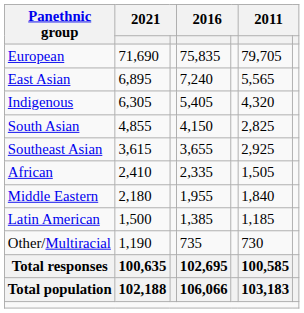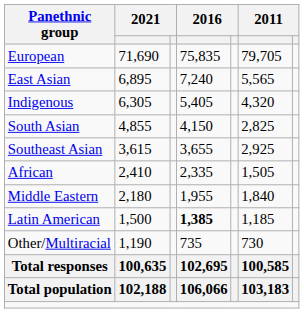 <table class="wikitable collapsible sortable">
 <tr>
 <th rowspan="2"><a href='#'>Panethnic</a><br>group</th>
 <th colspan="2">2021</th>
 <th colspan="2">2016</th>
 <th colspan="2">2011</th>
 </tr>
 <tr>
 <th><a href='#'></a></th>
 <th></th>
 <th></th>
 <th></th>
 <th></th>
 <th></th>
 </tr>
 <tr>
 <td><a href='#'>European</a></td>
 <td>71,690</td>
 <td></td>
 <td>75,835</td>
 <td></td>
 <td>79,705</td>
 <td></td>
 </tr>
 <tr>
 <td><a href='#'>East Asian</a></td>
 <td>6,895</td>
 <td></td>
 <td>7,240</td>
 <td></td>
 <td>5,565</td>
 <td></td>
 </tr>
 <tr>
 <td><a href='#'>Indigenous</a></td>
 <td>6,305</td>
 <td></td>
 <td>5,405</td>
 <td></td>
 <td>4,320</td>
 <td></td>
 </tr>
 <tr>
 <td><a href='#'>South Asian</a></td>
 <td>4,855</td>
 <td></td>
 <td>4,150</td>
 <td></td>
 <td>2,825</td>
 <td></td>
 </tr>
 <tr>
 <td><a href='#'>Southeast Asian</a></td>
 <td>3,615</td>
 <td></td>
 <td>3,655</td>
 <td></td>
 <td>2,925</td>
 <td></td>
 </tr>
 <tr>
 <td><a href='#'>African</a></td>
 <td>2,410</td>
 <td></td>
 <td>2,335</td>
 <td></td>
 <td>1,505</td>
 <td></td>
 </tr>
 <tr>
 <td><a href='#'>Middle Eastern</a></td>
 <td>2,180</td>
 <td></td>
 <td>1,955</td>
 <td></td>
 <td>1,840</td>
 <td></td>
 </tr>
 <tr>
 <td><a href='#'>Latin American</a></td>
 <td>1,500</td>
 <td></td>
-<td>1,385</td>
+<td><strong>1,385</strong></td>
 <td></td>
 <td>1,185</td>
 <td></td>
 </tr>
 <tr>
 <td>Other/<a href='#'>Multiracial</a></td>
 <td>1,190</td>
 <td></td>
 <td>735</td>
 <td></td>
 <td>730</td>
 <td></td>
 </tr>
 <tr>
 <th>Total responses</th>
 <th>100,635</th>
 <th></th>
 <th>102,695</th>
 <th></th>
 <th>100,585</th>
 <th></th>
 </tr>
 <tr>
 <th>Total population</th>
 <th>102,188</th>
 <th></th>
 <th>106,066</th>
 <th></th>
 <th>103,183</th>
 <th></th>
 </tr>
 <tr class="sortbottom">
 <td colspan="15"></td>
 </tr>
 </table>
